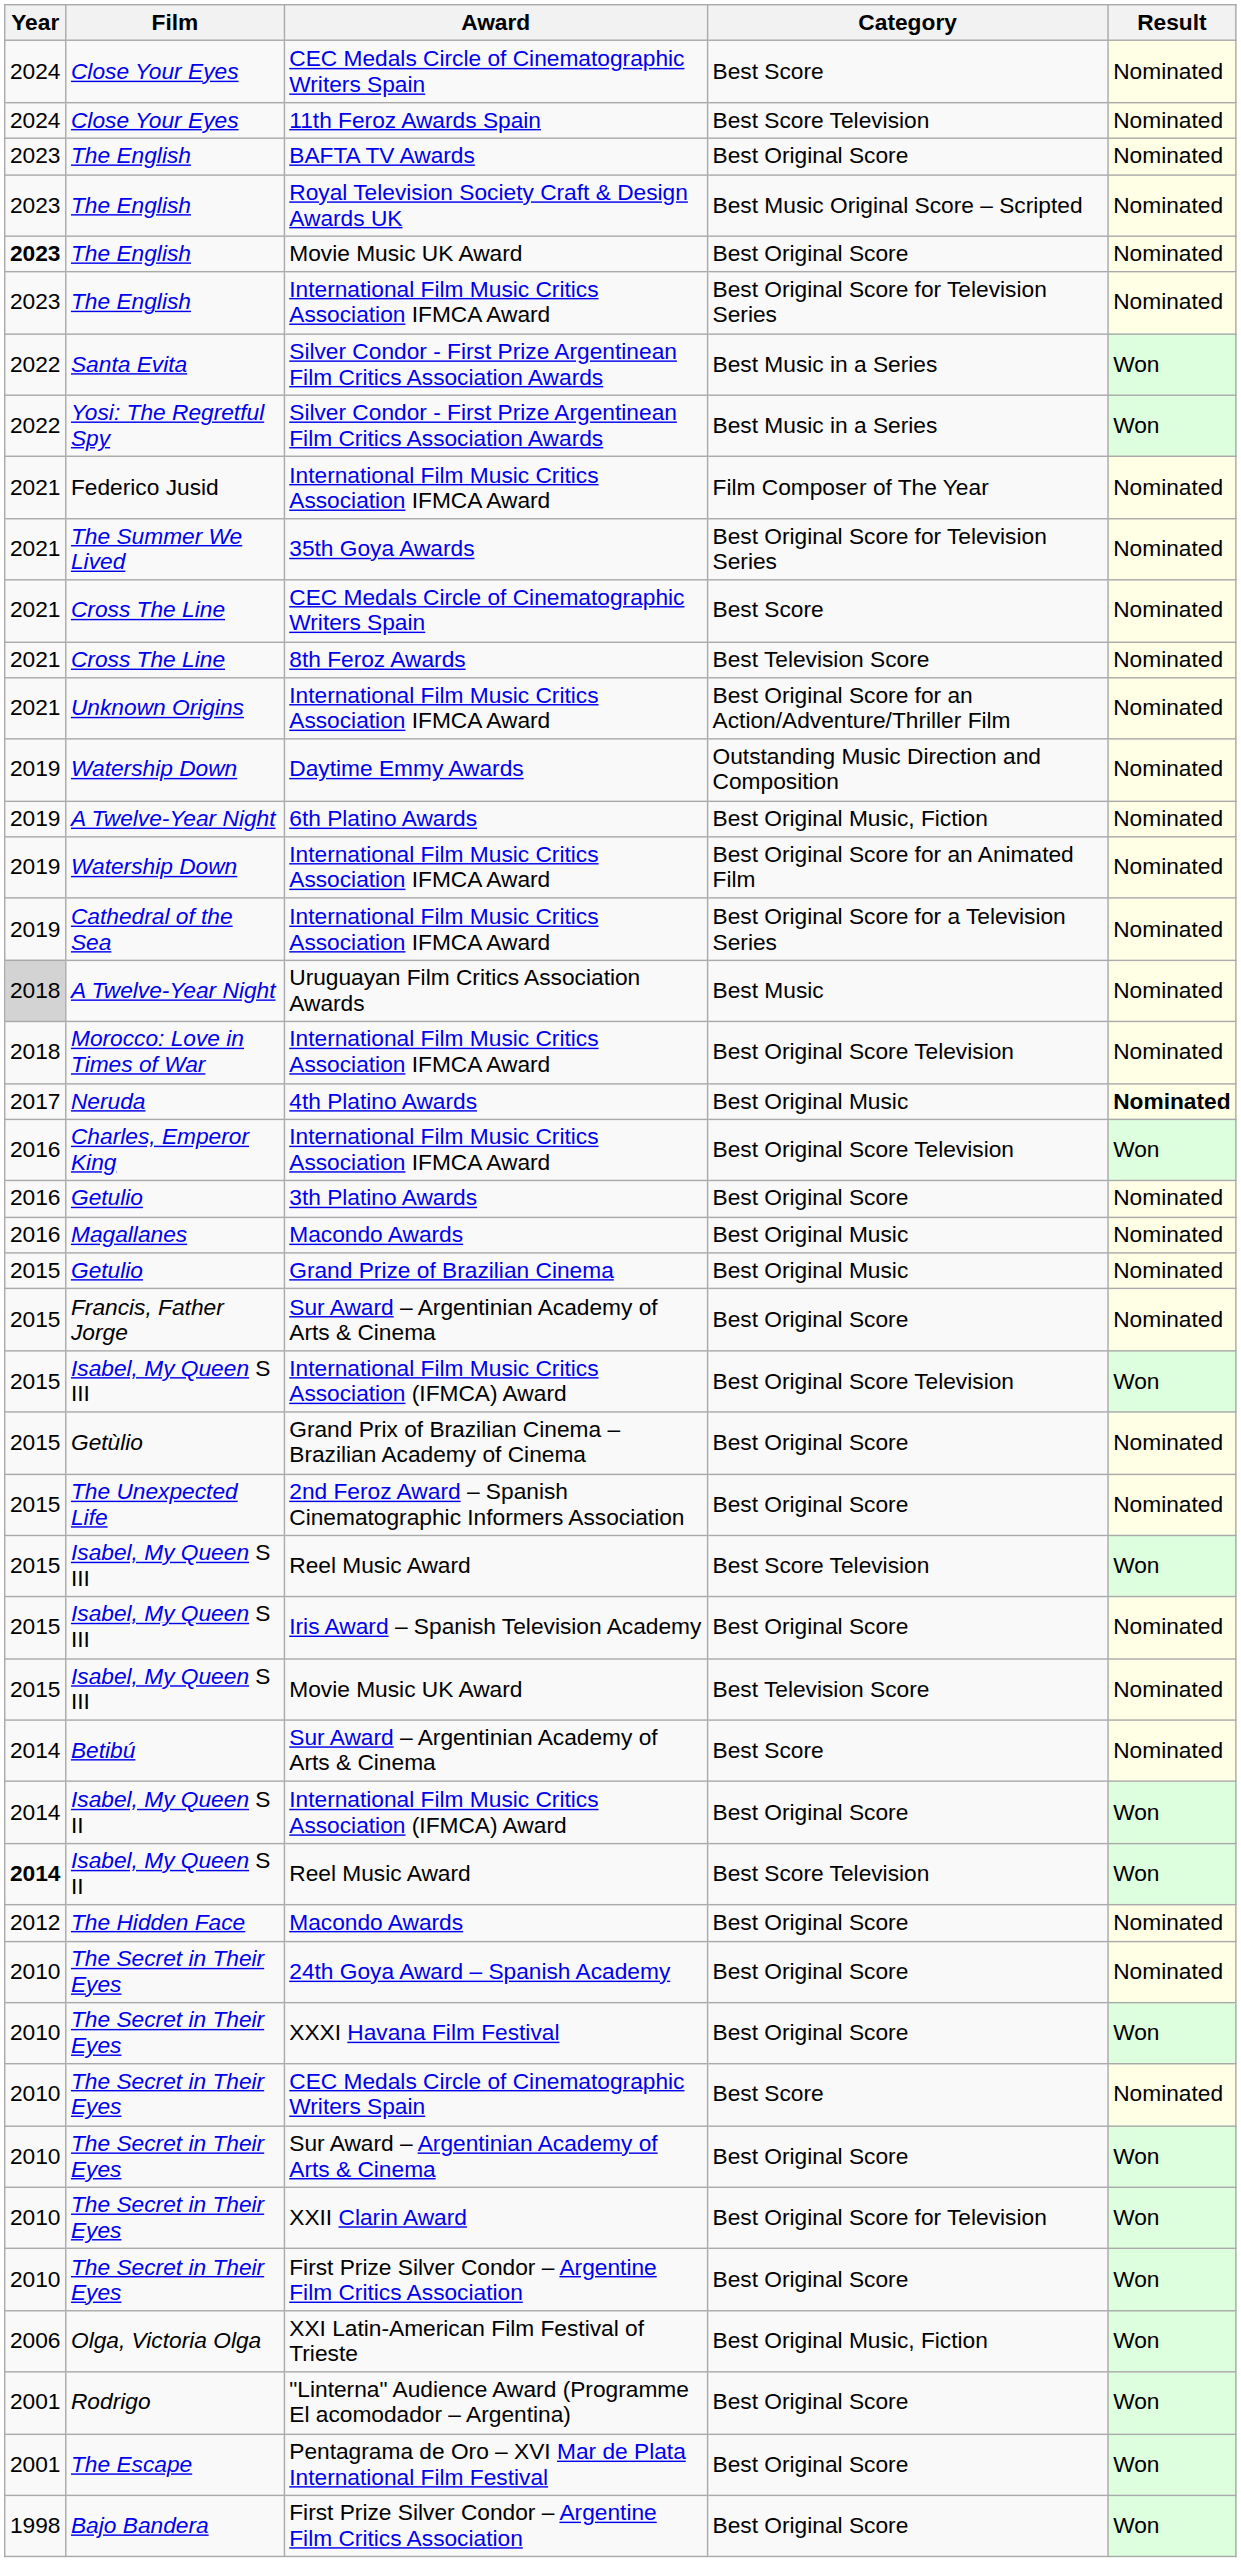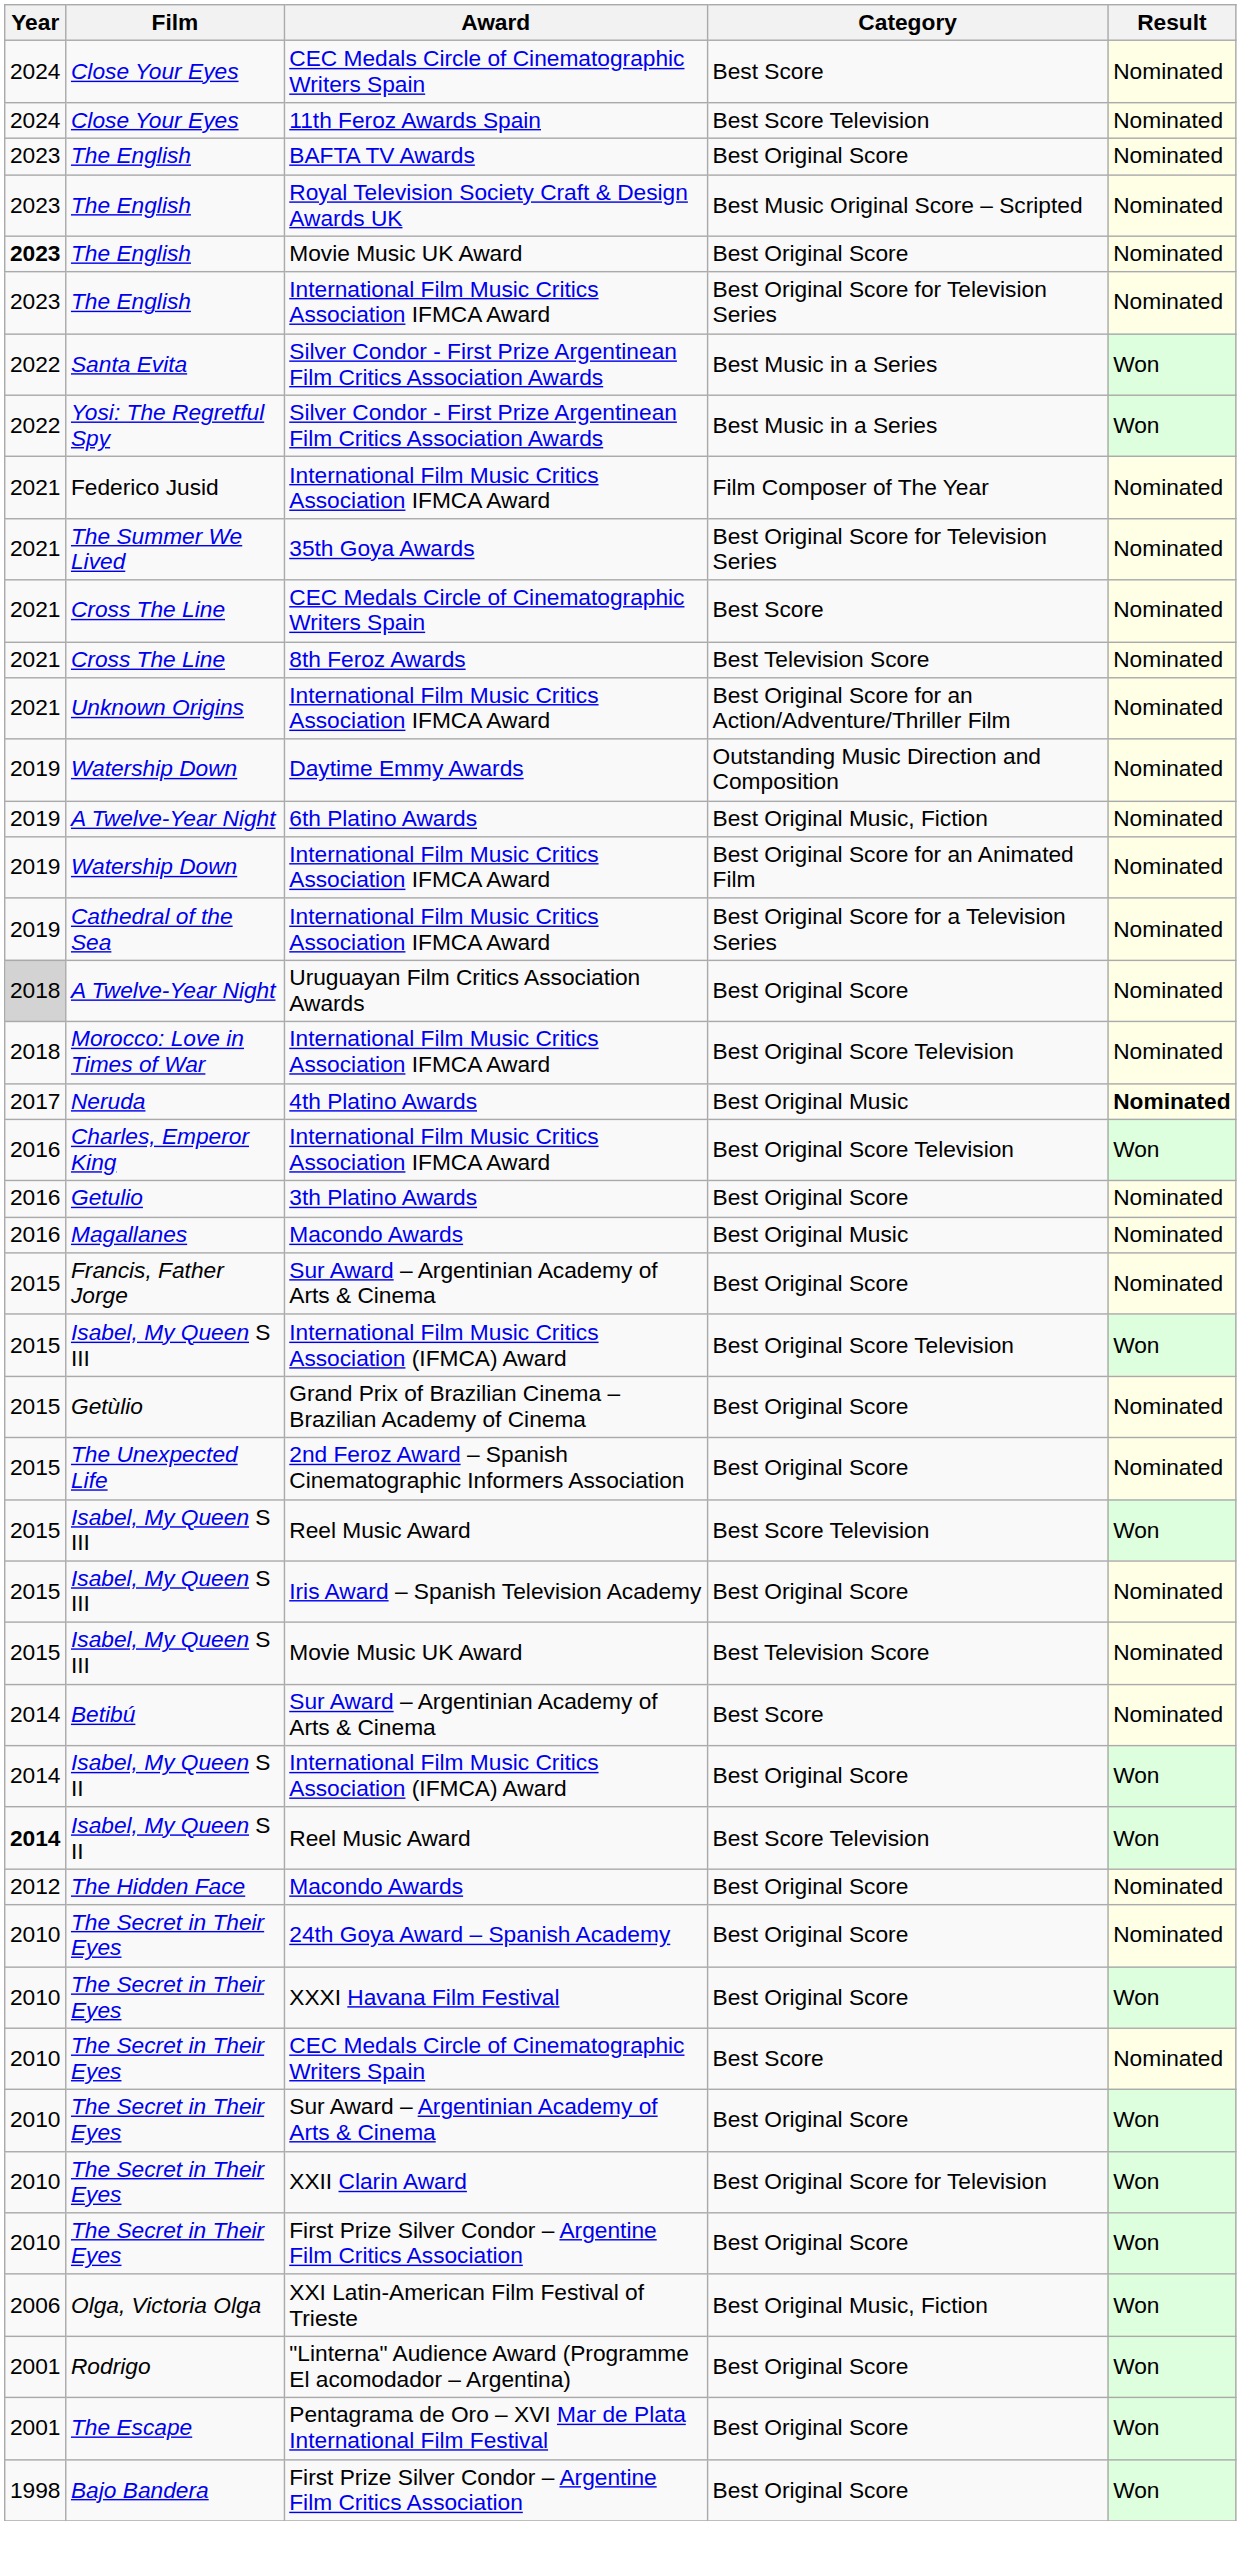 <table class="wikitable">
 <tr>
 <th>Year</th>
 <th>Film</th>
 <th>Award</th>
 <th>Category</th>
 <th>Result</th>
 </tr>
 <tr>
 <td>2024</td>
 <td><em><a href='#'> Close Your Eyes</a></em></td>
 <td><a href='#'> CEC Medals Circle of Cinematographic Writers Spain</a></td>
 <td>Best Score</td>
 <td style="background: #FFFFE6">Nominated</td>
 </tr>
 <tr>
 <td>2024</td>
 <td><em><a href='#'> Close Your Eyes</a></em></td>
 <td><a href='#'> 11th Feroz Awards Spain</a></td>
 <td>Best Score Television</td>
 <td style="background: #FFFFE6">Nominated</td>
 </tr>
 <tr>
 <td>2023</td>
 <td><em><a href='#'> The English</a></em></td>
 <td><a href='#'> BAFTA TV Awards</a></td>
 <td>Best Original Score</td>
 <td style="background: #FFFFE6">Nominated<br></td>
 </tr>
 <tr>
 <td>2023</td>
 <td><em><a href='#'> The English</a></em></td>
 <td><a href='#'> Royal Television Society Craft & Design Awards UK</a></td>
 <td>Best Music Original Score – Scripted</td>
 <td style="background: #FFFFE6">Nominated<br></td>
 </tr>
 <tr>
 <td><strong>2023</strong></td>
 <td><em><a href='#'> The English</a></em></td>
 <td>Movie Music UK Award</td>
 <td>Best Original Score</td>
 <td style="background: #FFFFE6">Nominated</td>
 </tr>
 <tr>
 <td>2023</td>
 <td><em><a href='#'> The English</a></em></td>
 <td><a href='#'>International Film Music Critics Association</a> IFMCA Award</td>
 <td>Best Original Score for Television Series</td>
 <td style="background: #FFFFE6">Nominated</td>
 </tr>
 <tr>
 <td>2022</td>
 <td><em><a href='#'> Santa Evita</a></em></td>
 <td><a href='#'> Silver Condor - First Prize Argentinean Film Critics Association Awards</a></td>
 <td>Best Music in a Series</td>
 <td style="background: #ddffdd">Won</td>
 </tr>
 <tr>
 <td>2022</td>
 <td><em><a href='#'> Yosi: The Regretful Spy</a></em></td>
 <td><a href='#'> Silver Condor - First Prize Argentinean Film Critics Association Awards</a></td>
 <td>Best Music in a Series</td>
 <td style="background: #ddffdd">Won</td>
 </tr>
 <tr>
 <td>2021</td>
 <td>Federico Jusid</td>
 <td><a href='#'>International Film Music Critics Association</a> IFMCA Award</td>
 <td>Film Composer of The Year</td>
 <td style="background: #FFFFE6">Nominated</td>
 </tr>
 <tr>
 <td>2021</td>
 <td><em><a href='#'>The Summer We Lived</a></em></td>
 <td><a href='#'>35th Goya Awards</a></td>
 <td>Best Original Score for Television Series</td>
 <td style="background: #FFFFE6">Nominated</td>
 </tr>
 <tr>
 <td>2021</td>
 <td><em><a href='#'>Cross The Line</a></em></td>
 <td><a href='#'> CEC Medals Circle of Cinematographic Writers Spain</a></td>
 <td>Best Score</td>
 <td style="background: #FFFFE6">Nominated</td>
 </tr>
 <tr>
 <td>2021</td>
 <td><em><a href='#'> Cross The Line</a></em></td>
 <td><a href='#'>8th Feroz Awards</a></td>
 <td>Best Television Score</td>
 <td style="background: #FFFFE6">Nominated</td>
 </tr>
 <tr>
 <td>2021</td>
 <td><em><a href='#'>Unknown Origins</a></em></td>
 <td><a href='#'>International Film Music Critics Association</a> IFMCA Award</td>
 <td>Best Original Score for an Action/Adventure/Thriller Film</td>
 <td style="background: #FFFFE6">Nominated</td>
 </tr>
 <tr>
 <td>2019</td>
 <td><em><a href='#'> Watership Down</a></em></td>
 <td><a href='#'> Daytime Emmy Awards</a></td>
 <td>Outstanding Music Direction and Composition</td>
 <td style="background: #FFFFE6">Nominated</td>
 </tr>
 <tr>
 <td>2019</td>
 <td><em><a href='#'>A Twelve-Year Night</a></em></td>
 <td><a href='#'>6th Platino Awards</a></td>
 <td>Best Original Music, Fiction</td>
 <td style="background: #FFFFE6">Nominated</td>
 </tr>
 <tr>
 <td>2019</td>
 <td><em><a href='#'>Watership Down</a></em></td>
 <td><a href='#'>International Film Music Critics Association</a> IFMCA Award</td>
 <td>Best Original Score for an Animated Film</td>
 <td style="background: #FFFFE6">Nominated</td>
 </tr>
 <tr>
 <td>2019</td>
 <td><em><a href='#'>Cathedral of the Sea</a></em></td>
 <td><a href='#'>International Film Music Critics Association</a> IFMCA Award</td>
 <td>Best Original Score for a Television Series</td>
 <td style="background: #FFFFE6">Nominated</td>
 </tr>
 <tr>
 <td style="background: lightgrey;">2018</td>
 <td><em><a href='#'>A Twelve-Year Night</a></em></td>
 <td>Uruguayan Film Critics Association Awards</td>
-<td>Best Music</td>
+<td>Best Original Score</td>
 <td style="background: #FFFFE6">Nominated</td>
 </tr>
 <tr>
 <td>2018</td>
 <td><em><a href='#'>Morocco: Love in Times of War</a></em></td>
 <td><a href='#'>International Film Music Critics Association</a> IFMCA Award</td>
 <td>Best Original Score Television</td>
 <td style="background: #FFFFE6">Nominated</td>
 </tr>
 <tr>
 <td>2017</td>
 <td><em><a href='#'> Neruda</a></em></td>
 <td><a href='#'>4th Platino Awards</a></td>
 <td>Best Original Music</td>
 <td style="background: #FFFFE6"><strong>Nominated</strong></td>
 </tr>
 <tr>
 <td>2016</td>
 <td><em><a href='#'>Charles, Emperor King</a></em></td>
 <td><a href='#'>International Film Music Critics Association</a> IFMCA Award</td>
 <td>Best Original Score Television</td>
 <td style="background: #ddffdd">Won</td>
 </tr>
 <tr>
 <td>2016</td>
 <td><em><a href='#'>Getulio</a></em></td>
 <td><a href='#'>3th Platino Awards</a></td>
 <td>Best Original Score</td>
 <td style="background: #FFFFE6">Nominated</td>
 </tr>
 <tr>
 <td>2016</td>
 <td><em><a href='#'>Magallanes</a></em></td>
 <td><a href='#'>Macondo Awards</a></td>
-<td>Best Original Music</td>
-<td style="background: #FFFFE6">Nominated</td>
-</tr>
-<tr>
-<td>2015</td>
-<td><em><a href='#'>Getulio</a></em></td>
-<td><a href='#'>Grand Prize of Brazilian Cinema</a></td>
 <td>Best Original Music</td>
 <td style="background: #FFFFE6">Nominated</td>
 </tr>
 <tr>
 <td>2015</td>
 <td><em>Francis, Father Jorge</em></td>
 <td><a href='#'>Sur Award</a> – Argentinian Academy of Arts & Cinema</td>
 <td>Best Original Score</td>
 <td style="background: #FFFFE6">Nominated</td>
 </tr>
 <tr>
 <td>2015</td>
 <td><em><a href='#'>Isabel, My Queen</a></em> S III</td>
 <td><a href='#'>International Film Music Critics Association</a> (IFMCA) Award</td>
 <td>Best Original Score Television</td>
 <td style="background: #ddffdd">Won</td>
 </tr>
 <tr>
 <td>2015</td>
 <td><em>Getùlio</em></td>
 <td>Grand Prix of Brazilian Cinema – Brazilian Academy of Cinema</td>
 <td>Best Original Score</td>
 <td style="background: #FFFFE6">Nominated</td>
 </tr>
 <tr>
 <td>2015</td>
 <td><em><a href='#'>The Unexpected Life</a></em></td>
 <td><a href='#'>2nd Feroz Award</a> – Spanish Cinematographic Informers Association</td>
 <td>Best Original Score</td>
 <td style="background: #FFFFE6">Nominated<br></td>
 </tr>
 <tr>
 <td>2015</td>
 <td><em><a href='#'>Isabel, My Queen</a></em> S III</td>
 <td>Reel Music Award</td>
 <td>Best Score Television</td>
 <td style="background: #ddffdd">Won</td>
 </tr>
 <tr>
 <td>2015</td>
 <td><em><a href='#'>Isabel, My Queen</a></em> S III</td>
 <td><a href='#'>Iris Award</a> – Spanish Television Academy</td>
 <td>Best Original Score</td>
 <td style="background: #FFFFE6">Nominated</td>
 </tr>
 <tr>
 <td>2015</td>
 <td><em><a href='#'>Isabel, My Queen</a></em> S III</td>
 <td>Movie Music UK Award</td>
 <td>Best Television Score</td>
 <td style="background: #FFFFE6">Nominated</td>
 </tr>
 <tr>
 <td>2014</td>
 <td><em><a href='#'>Betibú</a></em></td>
 <td><a href='#'>Sur Award</a> – Argentinian Academy of Arts & Cinema</td>
 <td>Best Score</td>
 <td style="background: #FFFFE6">Nominated</td>
 </tr>
 <tr>
 <td>2014</td>
 <td><em><a href='#'>Isabel, My Queen</a></em> S II</td>
 <td><a href='#'>International Film Music Critics Association</a> (IFMCA) Award</td>
 <td>Best Original Score</td>
 <td style="background: #ddffdd">Won</td>
 </tr>
 <tr>
 <td><strong>2014</strong></td>
 <td><em><a href='#'>Isabel, My Queen</a></em> S II</td>
 <td>Reel Music Award</td>
 <td>Best Score Television</td>
 <td style="background: #ddffdd">Won</td>
 </tr>
 <tr>
 <td>2012</td>
 <td><em><a href='#'>The Hidden Face</a></em></td>
 <td><a href='#'>Macondo Awards</a></td>
 <td>Best Original Score</td>
 <td style="background: #FFFFE6">Nominated</td>
 </tr>
 <tr>
 <td>2010</td>
 <td><em><a href='#'>The Secret in Their Eyes</a></em></td>
 <td><a href='#'>24th Goya Award – Spanish Academy</a></td>
 <td>Best Original Score</td>
 <td style="background: #FFFFE6">Nominated</td>
 </tr>
 <tr>
 <td>2010</td>
 <td><em><a href='#'>The Secret in Their Eyes</a></em></td>
 <td>XXXI <a href='#'>Havana Film Festival</a></td>
 <td>Best Original Score</td>
 <td style="background: #ddffdd">Won</td>
 </tr>
 <tr>
 <td>2010</td>
 <td><em><a href='#'>The Secret in Their Eyes</a></em></td>
 <td><a href='#'> CEC Medals Circle of Cinematographic Writers Spain</a></td>
 <td>Best Score</td>
 <td style="background: #FFFFE6">Nominated</td>
 </tr>
 <tr>
 <td>2010</td>
 <td><em><a href='#'>The Secret in Their Eyes</a></em></td>
 <td>Sur Award – <a href='#'>Argentinian Academy of Arts & Cinema</a></td>
 <td>Best Original Score</td>
 <td style="background: #ddffdd">Won</td>
 </tr>
 <tr>
 <td>2010</td>
 <td><em><a href='#'>The Secret in Their Eyes</a></em></td>
 <td>XXII <a href='#'>Clarin Award</a></td>
 <td>Best Original Score for Television</td>
 <td style="background: #ddffdd">Won</td>
 </tr>
 <tr>
 <td>2010</td>
 <td><em><a href='#'>The Secret in Their Eyes</a></em></td>
 <td>First Prize Silver Condor – <a href='#'>Argentine Film Critics Association</a></td>
 <td>Best Original Score</td>
 <td style="background: #ddffdd">Won</td>
 </tr>
 <tr>
 <td>2006</td>
 <td><em>Olga, Victoria Olga</em></td>
 <td>XXI Latin-American Film Festival of Trieste</td>
 <td>Best Original Music, Fiction</td>
 <td style="background: #ddffdd">Won</td>
 </tr>
 <tr>
 <td>2001</td>
 <td><em>Rodrigo</em></td>
 <td>"Linterna" Audience Award (Programme El acomodador – Argentina)</td>
 <td>Best Original Score</td>
 <td style="background: #ddffdd">Won</td>
 </tr>
 <tr>
 <td>2001</td>
 <td><em><a href='#'>The Escape</a></em></td>
 <td>Pentagrama de Oro – XVI <a href='#'>Mar de Plata International Film Festival</a></td>
 <td>Best Original Score</td>
 <td style="background: #ddffdd">Won</td>
 </tr>
 <tr>
 <td>1998</td>
 <td><em><a href='#'>Bajo Bandera</a></em></td>
 <td>First Prize Silver Condor – <a href='#'>Argentine Film Critics Association</a></td>
 <td>Best Original Score</td>
 <td style="background: #ddffdd">Won</td>
 </tr>
 </table>
